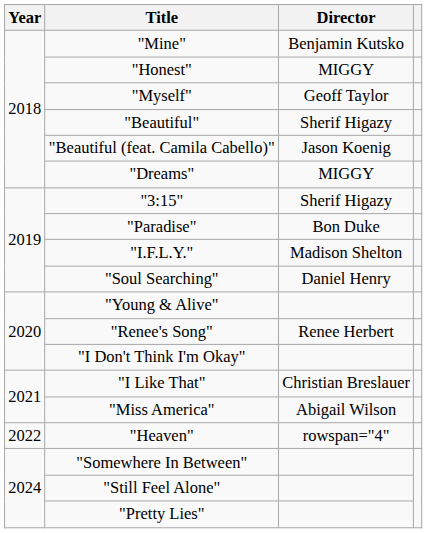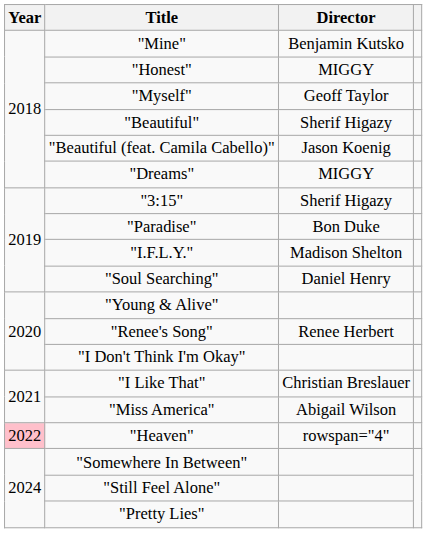 <table class="wikitable plainrowheaders" style="text-align:center;">
 <tr>
 <th scope="col">Year</th>
 <th scope="col">Title</th>
 <th scope="col">Director</th>
 <th scope="col"></th>
 </tr>
 <tr>
 <td rowspan="6">2018</td>
 <td>"Mine"</td>
 <td>Benjamin Kutsko</td>
 <td></td>
 </tr>
 <tr>
 <td>"Honest"</td>
 <td>MIGGY</td>
 <td></td>
 </tr>
 <tr>
 <td>"Myself"</td>
 <td>Geoff Taylor</td>
 <td></td>
 </tr>
 <tr>
 <td>"Beautiful"</td>
 <td>Sherif Higazy</td>
 <td></td>
 </tr>
 <tr>
 <td>"Beautiful (feat. Camila Cabello)"</td>
 <td>Jason Koenig</td>
 <td></td>
 </tr>
 <tr>
 <td>"Dreams"</td>
 <td>MIGGY</td>
 <td></td>
 </tr>
 <tr>
 <td rowspan="4">2019</td>
 <td>"3:15"</td>
 <td>Sherif Higazy</td>
 <td></td>
 </tr>
 <tr>
 <td>"Paradise"</td>
 <td>Bon Duke</td>
 <td></td>
 </tr>
 <tr>
 <td>"I.F.L.Y."</td>
 <td>Madison Shelton</td>
 <td></td>
 </tr>
 <tr>
 <td>"Soul Searching"</td>
 <td>Daniel Henry</td>
 <td></td>
 </tr>
 <tr>
 <td rowspan="3">2020</td>
 <td>"Young & Alive"</td>
 <td></td>
 <td></td>
 </tr>
 <tr>
 <td>"Renee's Song"</td>
 <td>Renee Herbert</td>
 <td></td>
 </tr>
 <tr>
 <td>"I Don't Think I'm Okay"</td>
 <td></td>
 <td></td>
 </tr>
 <tr>
 <td rowspan="2">2021</td>
 <td>"I Like That"</td>
 <td>Christian Breslauer</td>
 <td></td>
 </tr>
 <tr>
 <td>"Miss America"</td>
 <td>Abigail Wilson</td>
 <td></td>
 </tr>
 <tr>
-<td>2022</td>
+<td style="background: pink;">2022</td>
 <td>"Heaven"</td>
 <td>rowspan="4" </td>
 <td></td>
 </tr>
 <tr>
 <td rowspan="3">2024</td>
 <td>"Somewhere In Between"</td>
 <td></td>
 </tr>
 <tr>
 <td>"Still Feel Alone"</td>
 <td></td>
 </tr>
 <tr>
 <td>"Pretty Lies"</td>
 <td></td>
 </tr>
 </table>
